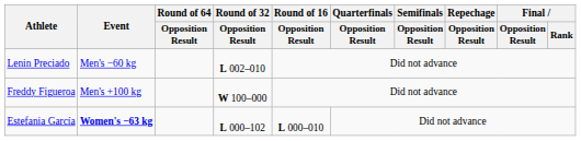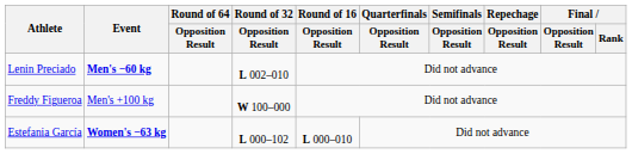 <table class="wikitable" style="font-size:90%">
 <tr>
 <th rowspan="2">Athlete</th>
 <th rowspan="2">Event</th>
 <th>Round of 64</th>
 <th>Round of 32</th>
 <th>Round of 16</th>
 <th>Quarterfinals</th>
 <th>Semifinals</th>
 <th>Repechage</th>
 <th colspan=2>Final / </th>
 </tr>
 <tr style="font-size:95%">
 <th>Opposition<br>Result</th>
 <th>Opposition<br>Result</th>
 <th>Opposition<br>Result</th>
 <th>Opposition<br>Result</th>
 <th>Opposition<br>Result</th>
 <th>Opposition<br>Result</th>
 <th>Opposition<br>Result</th>
 <th>Rank</th>
 </tr>
 <tr align=center>
 <td align=left><a href='#'>Lenin Preciado</a></td>
-<td align=left><a href='#'>Men's −60 kg</a></td>
+<td align=left><strong><a href='#'>Men's −60 kg</a></strong></td>
 <td></td>
 <td><br><strong>L</strong> 002–010</td>
 <td colspan=6>Did not advance</td>
 </tr>
 <tr align=center>
 <td align=left><a href='#'>Freddy Figueroa</a></td>
 <td align=left><a href='#'>Men's +100 kg</a></td>
 <td></td>
 <td><br><strong>W</strong> 100–000</td>
 <td colspan=6>Did not advance</td>
 </tr>
 <tr align=center>
 <td align=left><a href='#'>Estefania García</a></td>
 <td align=left><strong><a href='#'>Women's −63 kg</a></strong></td>
 <td></td>
 <td><br><strong>L</strong> 000–102</td>
 <td><br><strong>L</strong> 000–010</td>
 <td colspan=5>Did not advance</td>
 </tr>
 </table>
